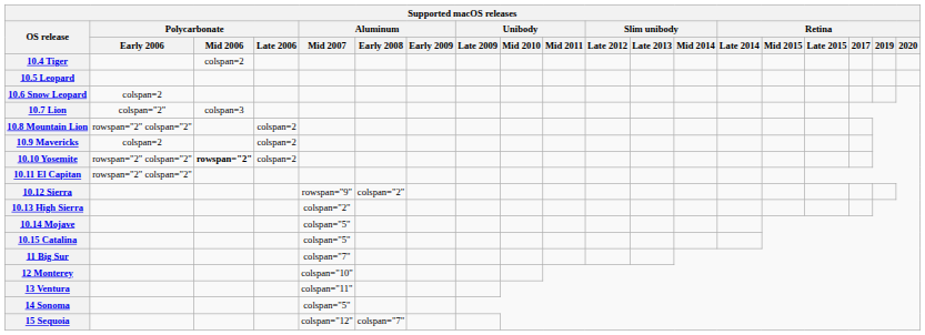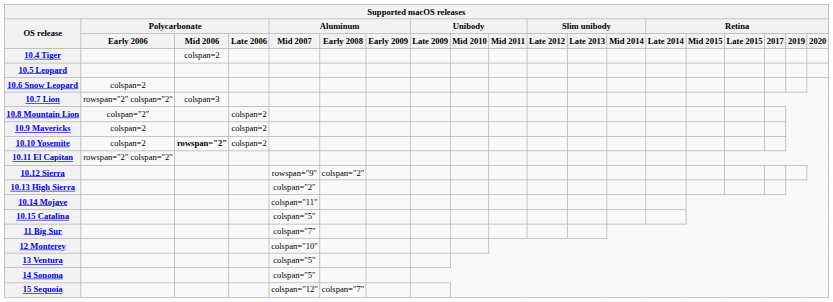 <table class="wikitable mw-collapsible" style="font-size:small; text-align:center">
 <tr>
 <th colspan="29" style="text-align:center">Supported macOS releases</th>
 </tr>
 <tr>
 <th rowspan="2">OS release</th>
 <th colspan="3">Polycarbonate</th>
 <th colspan="3">Aluminum</th>
 <th colspan="3">Unibody</th>
 <th colspan="3">Slim unibody</th>
 <th colspan="6">Retina</th>
 </tr>
 <tr>
 <th>Early 2006</th>
 <th>Mid 2006</th>
 <th>Late 2006</th>
 <th>Mid 2007</th>
 <th>Early 2008</th>
 <th>Early 2009</th>
 <th>Late 2009</th>
 <th>Mid 2010</th>
 <th>Mid 2011</th>
 <th>Late 2012</th>
 <th>Late 2013</th>
 <th>Mid 2014</th>
 <th>Late 2014</th>
 <th>Mid 2015</th>
 <th>Late 2015</th>
 <th>2017</th>
 <th>2019</th>
 <th>2020</th>
 </tr>
 <tr>
 <th><a href='#'>10.4 Tiger</a></th>
 <td></td>
 <td>colspan=2</td>
 <td></td>
 <td></td>
 <td></td>
 <td></td>
 <td></td>
 <td></td>
 <td></td>
 <td></td>
 <td></td>
 <td></td>
 <td></td>
 <td></td>
 <td></td>
 <td></td>
 <td></td>
 </tr>
 <tr>
 <th><a href='#'>10.5 Leopard</a></th>
 <td></td>
 <td></td>
 <td></td>
 <td></td>
 <td></td>
 <td></td>
 <td></td>
 <td></td>
 <td></td>
 <td></td>
 <td></td>
 <td></td>
 <td></td>
 <td></td>
 <td></td>
 <td></td>
 <td></td>
 <td></td>
 </tr>
 <tr>
 <th><a href='#'>10.6 Snow Leopard</a></th>
 <td>colspan=2</td>
 <td></td>
 <td></td>
 <td></td>
 <td></td>
 <td></td>
 <td></td>
 <td></td>
 <td></td>
 <td></td>
 <td></td>
 <td></td>
 <td></td>
 <td></td>
 <td></td>
 <td></td>
 <td></td>
 </tr>
 <tr>
 <th><a href='#'>10.7 Lion</a></th>
-<td>colspan="2"</td>
+<td>rowspan="2" colspan="2"</td>
 <td>colspan=3</td>
 <td></td>
 <td></td>
 <td></td>
 <td></td>
 <td></td>
 <td></td>
 <td></td>
 <td></td>
 <td></td>
 <td></td>
 <td></td>
 <td></td>
 <td></td>
 </tr>
 <tr>
 <th><a href='#'>10.8 Mountain Lion</a></th>
-<td>rowspan="2" colspan="2"</td>
+<td>colspan="2"</td>
 <td></td>
 <td>colspan=2</td>
 <td></td>
 <td></td>
 <td></td>
 <td></td>
 <td></td>
 <td></td>
 <td></td>
 <td></td>
 <td></td>
 <td></td>
 <td></td>
 <td></td>
 <td></td>
 </tr>
 <tr>
 <th><a href='#'>10.9 Mavericks</a></th>
 <td>colspan=2</td>
 <td></td>
 <td>colspan=2</td>
 <td></td>
 <td></td>
 <td></td>
 <td></td>
 <td></td>
 <td></td>
 <td></td>
 <td></td>
 <td></td>
 <td></td>
 <td></td>
 <td></td>
 <td></td>
 </tr>
 <tr>
 <th><a href='#'>10.10 Yosemite</a></th>
-<td>rowspan="2" colspan="2"</td>
+<td>colspan=2</td>
 <td><strong>rowspan="2"</strong></td>
 <td>colspan=2</td>
 <td></td>
 <td></td>
 <td></td>
 <td></td>
 <td></td>
 <td></td>
 <td></td>
 <td></td>
 <td></td>
 <td></td>
 <td></td>
 <td></td>
 <td></td>
 </tr>
 <tr>
 <th><a href='#'>10.11 El Capitan</a></th>
 <td>rowspan="2" colspan="2"</td>
 <td></td>
 <td></td>
 <td></td>
 <td></td>
 <td></td>
 <td></td>
 <td></td>
 <td></td>
 <td></td>
 <td></td>
 <td></td>
 <td></td>
 <td></td>
 </tr>
 <tr>
 <th><a href='#'>10.12 Sierra</a></th>
 <td></td>
 <td></td>
 <td></td>
 <td>rowspan="9"</td>
 <td>colspan="2"</td>
 <td></td>
 <td></td>
 <td></td>
 <td></td>
 <td></td>
 <td></td>
 <td></td>
 <td></td>
 <td></td>
 <td></td>
 <td></td>
 <td></td>
 </tr>
 <tr>
 <th><a href='#'>10.13 High Sierra</a></th>
 <td></td>
 <td></td>
 <td></td>
 <td>colspan="2"</td>
 <td></td>
 <td></td>
 <td></td>
 <td></td>
 <td></td>
 <td></td>
 <td></td>
 <td></td>
 <td></td>
 <td></td>
 <td></td>
 <td></td>
 </tr>
 <tr>
 <th><a href='#'>10.14 Mojave</a></th>
 <td></td>
 <td></td>
 <td></td>
-<td>colspan="5"</td>
+<td>colspan="11"</td>
 <td></td>
 <td></td>
 <td></td>
 <td></td>
 <td></td>
 <td></td>
 <td></td>
 <td></td>
 <td></td>
 </tr>
 <tr>
 <th><a href='#'>10.15 Catalina</a></th>
 <td></td>
 <td></td>
 <td></td>
 <td>colspan="5"</td>
 <td></td>
 <td></td>
 <td></td>
 <td></td>
 <td></td>
 <td></td>
 <td></td>
 <td></td>
 <td></td>
 </tr>
 <tr>
 <th><a href='#'>11 Big Sur</a></th>
 <td></td>
 <td></td>
 <td></td>
 <td>colspan="7"</td>
 <td></td>
 <td></td>
 <td></td>
 <td></td>
 <td></td>
 <td></td>
 <td></td>
 </tr>
 <tr>
 <th><a href='#'>12 Monterey</a></th>
 <td></td>
 <td></td>
 <td></td>
 <td>colspan="10"</td>
 <td></td>
 <td></td>
 <td></td>
 <td></td>
 </tr>
 <tr>
 <th><a href='#'>13 Ventura</a></th>
 <td></td>
 <td></td>
 <td></td>
-<td>colspan="11"</td>
+<td>colspan="5"</td>
 <td></td>
 <td></td>
 <td></td>
 </tr>
 <tr>
 <th><a href='#'>14 Sonoma</a></th>
 <td></td>
 <td></td>
 <td></td>
 <td>colspan="5"</td>
 <td></td>
 <td></td>
 </tr>
 <tr>
 <th><a href='#'>15 Sequoia</a></th>
 <td></td>
 <td></td>
 <td></td>
 <td>colspan="12"</td>
 <td>colspan="7"</td>
 <td></td>
 <td></td>
 </tr>
 </table>
